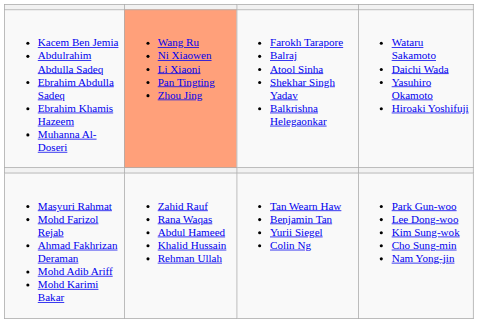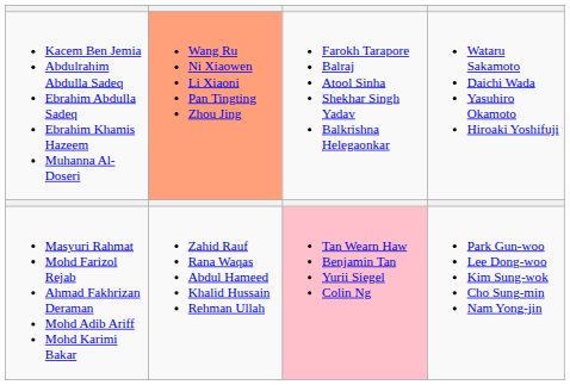 <table class="wikitable" style="font-size:90%">
 <tr>
 <th width=200></th>
 <th width=200></th>
 <th width=200></th>
 <th width=200></th>
 </tr>
 <tr>
 <td valign=top><br><ul><li><a href='#'>Kacem Ben Jemia</a></li><li><a href='#'>Abdulrahim Abdulla Sadeq</a></li><li><a href='#'>Ebrahim Abdulla Sadeq</a></li><li><a href='#'>Ebrahim Khamis Hazeem</a></li><li><a href='#'>Muhanna Al-Doseri</a></li></ul></td>
 <td valign=top style="background: lightsalmon;"><br><ul><li><a href='#'>Wang Ru</a></li><li><a href='#'>Ni Xiaowen</a></li><li><a href='#'>Li Xiaoni</a></li><li><a href='#'>Pan Tingting</a></li><li><a href='#'>Zhou Jing</a></li></ul></td>
 <td valign=top><br><ul><li><a href='#'>Farokh Tarapore</a></li><li><a href='#'>Balraj</a></li><li><a href='#'>Atool Sinha</a></li><li><a href='#'>Shekhar Singh Yadav</a></li><li><a href='#'>Balkrishna Helegaonkar</a></li></ul></td>
 <td valign=top><br><ul><li><a href='#'>Wataru Sakamoto</a></li><li><a href='#'>Daichi Wada</a></li><li><a href='#'>Yasuhiro Okamoto</a></li><li><a href='#'>Hiroaki Yoshifuji</a></li></ul></td>
 </tr>
 <tr>
 <th></th>
 <th></th>
 <th></th>
 <th></th>
 </tr>
 <tr>
 <td valign=top><br><ul><li><a href='#'>Masyuri Rahmat</a></li><li><a href='#'>Mohd Farizol Rejab</a></li><li><a href='#'>Ahmad Fakhrizan Deraman</a></li><li><a href='#'>Mohd Adib Ariff</a></li><li><a href='#'>Mohd Karimi Bakar</a></li></ul></td>
 <td valign=top><br><ul><li><a href='#'>Zahid Rauf</a></li><li><a href='#'>Rana Waqas</a></li><li><a href='#'>Abdul Hameed</a></li><li><a href='#'>Khalid Hussain</a></li><li><a href='#'>Rehman Ullah</a></li></ul></td>
-<td valign=top><br><ul><li><a href='#'>Tan Wearn Haw</a></li><li><a href='#'>Benjamin Tan</a></li><li><a href='#'>Yurii Siegel</a></li><li><a href='#'>Colin Ng</a></li></ul></td>
+<td valign=top style="background: pink;"><br><ul><li><a href='#'>Tan Wearn Haw</a></li><li><a href='#'>Benjamin Tan</a></li><li><a href='#'>Yurii Siegel</a></li><li><a href='#'>Colin Ng</a></li></ul></td>
 <td valign=top><br><ul><li><a href='#'>Park Gun-woo</a></li><li><a href='#'>Lee Dong-woo</a></li><li><a href='#'>Kim Sung-wok</a></li><li><a href='#'>Cho Sung-min</a></li><li><a href='#'>Nam Yong-jin</a></li></ul></td>
 </tr>
 </table>
